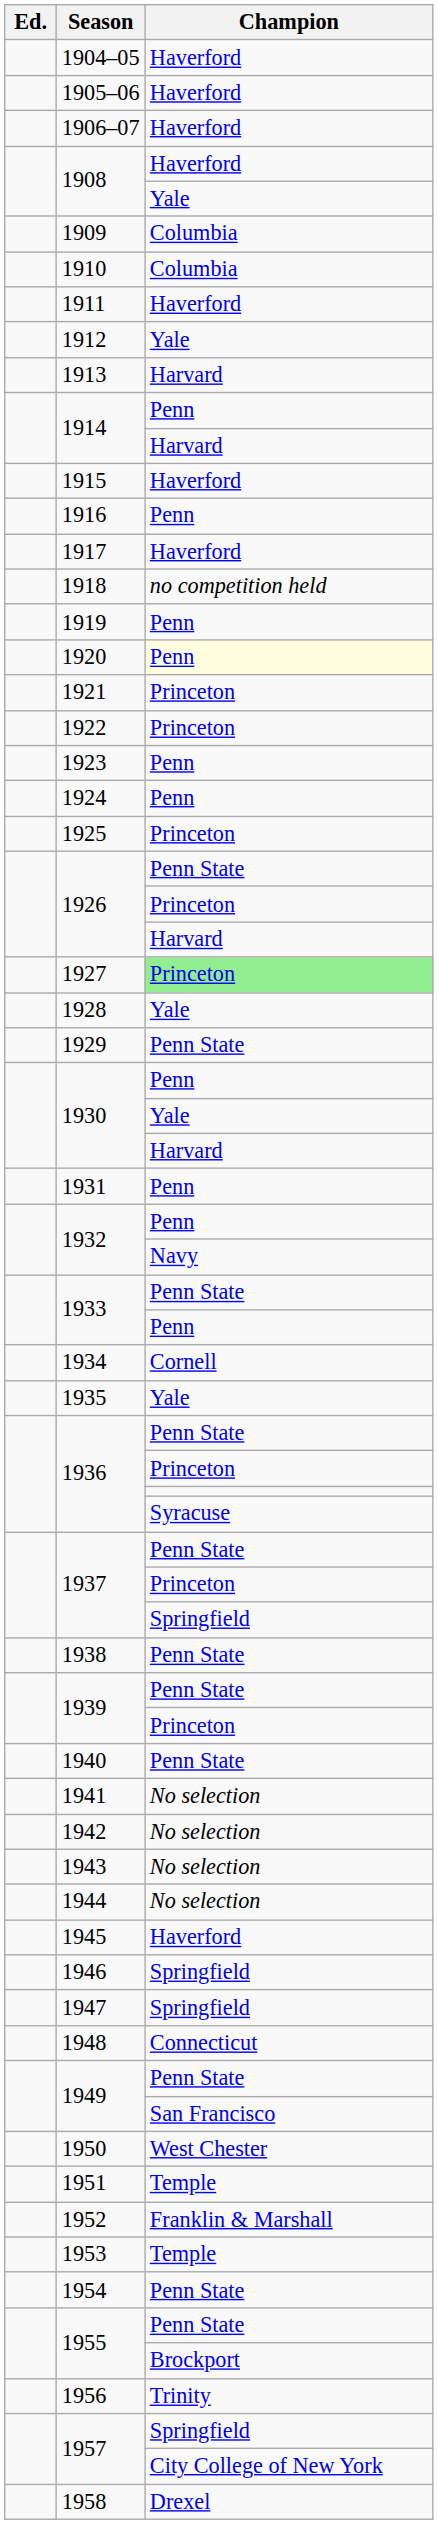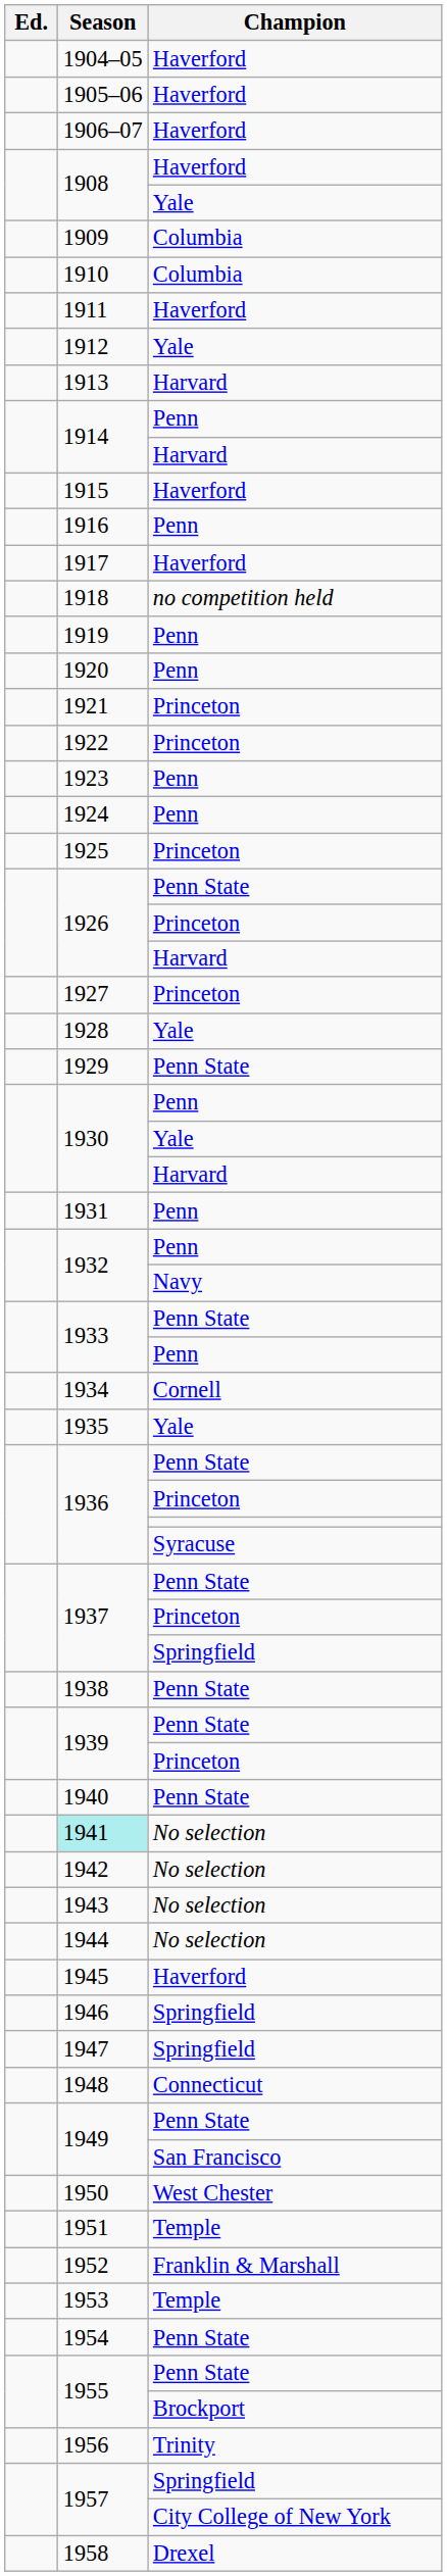 <table class="wikitable sortable">
 <tr>
 <th width= 30px>Ed.</th>
 <th width= px>Season</th>
 <th width= 200px>Champion</th>
 </tr>
 <tr>
 <td></td>
 <td>1904–05</td>
 <td><a href='#'>Haverford</a> </td>
 </tr>
 <tr>
 <td></td>
 <td>1905–06</td>
 <td><a href='#'>Haverford</a> </td>
 </tr>
 <tr>
 <td></td>
 <td>1906–07</td>
 <td><a href='#'>Haverford</a> </td>
 </tr>
 <tr>
 <td rowspan=2></td>
 <td rowspan=2>1908</td>
 <td><a href='#'>Haverford</a> </td>
 </tr>
 <tr>
 <td><a href='#'>Yale</a> </td>
 </tr>
 <tr>
 <td></td>
 <td>1909</td>
 <td><a href='#'>Columbia</a> </td>
 </tr>
 <tr>
 <td></td>
 <td>1910</td>
 <td><a href='#'>Columbia</a> </td>
 </tr>
 <tr>
 <td></td>
 <td>1911</td>
 <td><a href='#'>Haverford</a> </td>
 </tr>
 <tr>
 <td></td>
 <td>1912</td>
 <td><a href='#'>Yale</a> </td>
 </tr>
 <tr>
 <td></td>
 <td>1913</td>
 <td><a href='#'>Harvard</a> </td>
 </tr>
 <tr>
 <td rowspan=2></td>
 <td rowspan=2>1914</td>
 <td><a href='#'>Penn</a> </td>
 </tr>
 <tr>
 <td><a href='#'>Harvard</a> </td>
 </tr>
 <tr>
 <td></td>
 <td>1915</td>
 <td><a href='#'>Haverford</a> </td>
 </tr>
 <tr>
 <td></td>
 <td>1916</td>
 <td><a href='#'>Penn</a> </td>
 </tr>
 <tr>
 <td></td>
 <td>1917</td>
 <td><a href='#'>Haverford</a> </td>
 </tr>
 <tr>
 <td></td>
 <td>1918</td>
 <td><em>no competition held</em></td>
 </tr>
 <tr>
 <td></td>
 <td>1919</td>
 <td><a href='#'>Penn</a> </td>
 </tr>
 <tr>
 <td></td>
 <td>1920</td>
-<td style="background: lightyellow;"><a href='#'>Penn</a> </td>
+<td><a href='#'>Penn</a> </td>
 </tr>
 <tr>
 <td></td>
 <td>1921</td>
 <td><a href='#'>Princeton</a> </td>
 </tr>
 <tr>
 <td></td>
 <td>1922</td>
 <td><a href='#'>Princeton</a> </td>
 </tr>
 <tr>
 <td></td>
 <td>1923</td>
 <td><a href='#'>Penn</a> </td>
 </tr>
 <tr>
 <td></td>
 <td>1924</td>
 <td><a href='#'>Penn</a> </td>
 </tr>
 <tr>
 <td></td>
 <td>1925</td>
 <td><a href='#'>Princeton</a> </td>
 </tr>
 <tr>
 <td rowspan=3></td>
 <td rowspan=3>1926</td>
 <td><a href='#'>Penn State</a> </td>
 </tr>
 <tr>
 <td><a href='#'>Princeton</a> </td>
 </tr>
 <tr>
 <td><a href='#'>Harvard</a> </td>
 </tr>
 <tr>
 <td></td>
 <td>1927</td>
-<td style="background: lightgreen;"><a href='#'>Princeton</a> </td>
+<td><a href='#'>Princeton</a> </td>
 </tr>
 <tr>
 <td></td>
 <td>1928</td>
 <td><a href='#'>Yale</a> </td>
 </tr>
 <tr>
 <td></td>
 <td>1929</td>
 <td><a href='#'>Penn State</a> </td>
 </tr>
 <tr>
 <td rowspan=3></td>
 <td rowspan=3>1930</td>
 <td><a href='#'>Penn</a> </td>
 </tr>
 <tr>
 <td><a href='#'>Yale</a> </td>
 </tr>
 <tr>
 <td><a href='#'>Harvard</a> </td>
 </tr>
 <tr>
 <td></td>
 <td>1931</td>
 <td><a href='#'>Penn</a> </td>
 </tr>
 <tr>
 <td rowspan=2></td>
 <td rowspan=2>1932</td>
 <td><a href='#'>Penn</a> </td>
 </tr>
 <tr>
 <td><a href='#'>Navy</a> </td>
 </tr>
 <tr>
 <td rowspan=2></td>
 <td rowspan=2>1933</td>
 <td><a href='#'>Penn State</a> </td>
 </tr>
 <tr>
 <td><a href='#'>Penn</a> </td>
 </tr>
 <tr>
 <td></td>
 <td>1934</td>
 <td><a href='#'>Cornell</a> </td>
 </tr>
 <tr>
 <td></td>
 <td>1935</td>
 <td><a href='#'>Yale</a> </td>
 </tr>
 <tr>
 <td rowspan=4></td>
 <td rowspan=4>1936</td>
 <td><a href='#'>Penn State</a> </td>
 </tr>
 <tr>
 <td><a href='#'>Princeton</a> </td>
 </tr>
 <tr>
 <td></td>
 </tr>
 <tr>
 <td><a href='#'>Syracuse</a> </td>
 </tr>
 <tr>
 <td rowspan=3></td>
 <td rowspan=3>1937</td>
 <td><a href='#'>Penn State</a> </td>
 </tr>
 <tr>
 <td><a href='#'>Princeton</a> </td>
 </tr>
 <tr>
 <td><a href='#'>Springfield</a> </td>
 </tr>
 <tr>
 <td></td>
 <td>1938</td>
 <td><a href='#'>Penn State</a> </td>
 </tr>
 <tr>
 <td rowspan=2></td>
 <td rowspan=2>1939</td>
 <td><a href='#'>Penn State</a> </td>
 </tr>
 <tr>
 <td><a href='#'>Princeton</a> </td>
 </tr>
 <tr>
 <td></td>
 <td>1940</td>
 <td><a href='#'>Penn State</a> </td>
 </tr>
 <tr>
 <td></td>
-<td>1941</td>
+<td style="background: paleturquoise;">1941</td>
 <td><em>No selection</em></td>
 </tr>
 <tr>
 <td></td>
 <td>1942</td>
 <td><em>No selection</em></td>
 </tr>
 <tr>
 <td></td>
 <td>1943</td>
 <td><em>No selection</em></td>
 </tr>
 <tr>
 <td></td>
 <td>1944</td>
 <td><em>No selection</em></td>
 </tr>
 <tr>
 <td></td>
 <td>1945</td>
 <td><a href='#'>Haverford</a> </td>
 </tr>
 <tr>
 <td></td>
 <td>1946</td>
 <td><a href='#'>Springfield</a> </td>
 </tr>
 <tr>
 <td></td>
 <td>1947</td>
 <td><a href='#'>Springfield</a> </td>
 </tr>
 <tr>
 <td></td>
 <td>1948</td>
 <td><a href='#'>Connecticut</a> </td>
 </tr>
 <tr>
 <td rowspan=2></td>
 <td rowspan=2>1949</td>
 <td><a href='#'>Penn State</a> </td>
 </tr>
 <tr>
 <td><a href='#'>San Francisco</a> </td>
 </tr>
 <tr>
 <td></td>
 <td>1950</td>
 <td><a href='#'>West Chester</a> </td>
 </tr>
 <tr>
 <td></td>
 <td>1951</td>
 <td><a href='#'>Temple</a> </td>
 </tr>
 <tr>
 <td></td>
 <td>1952</td>
 <td><a href='#'>Franklin & Marshall</a> </td>
 </tr>
 <tr>
 <td></td>
 <td>1953</td>
 <td><a href='#'>Temple</a> </td>
 </tr>
 <tr>
 <td></td>
 <td>1954</td>
 <td><a href='#'>Penn State</a> </td>
 </tr>
 <tr>
 <td rowspan=2></td>
 <td rowspan=2>1955</td>
 <td><a href='#'>Penn State</a> </td>
 </tr>
 <tr>
 <td><a href='#'>Brockport</a> </td>
 </tr>
 <tr>
 <td></td>
 <td>1956</td>
 <td><a href='#'>Trinity</a> </td>
 </tr>
 <tr>
 <td rowspan=2></td>
 <td rowspan=2>1957</td>
 <td><a href='#'>Springfield</a> </td>
 </tr>
 <tr>
 <td><a href='#'>City College of New York</a> </td>
 </tr>
 <tr>
 <td></td>
 <td>1958</td>
 <td><a href='#'>Drexel</a> </td>
 </tr>
 </table>
